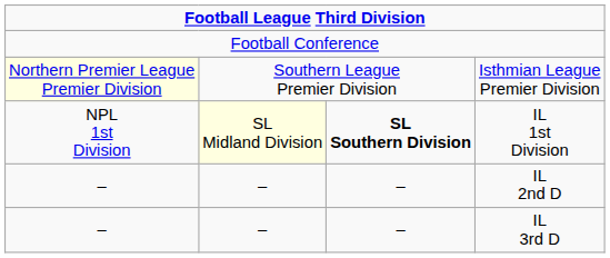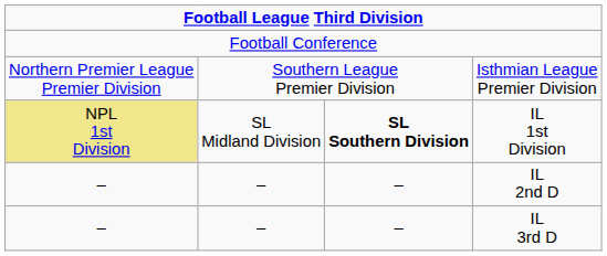 <table class="wikitable" style="text-align: center; font-size: 85%;">
 <tr>
 <td colspan="4"><strong><a href='#'>Football League</a> <a href='#'>Third Division</a></strong></td>
 </tr>
 <tr>
 <td colspan="4"><a href='#'>Football Conference</a></td>
 </tr>
 <tr>
-<td style="background: lightyellow;"><a href='#'>Northern Premier League</a><br><a href='#'>Premier Division</a></td>
+<td><a href='#'>Northern Premier League</a><br><a href='#'>Premier Division</a></td>
 <td colspan="2"><a href='#'>Southern League</a><br>Premier Division</td>
 <td><a href='#'>Isthmian League</a><br>Premier Division</td>
 </tr>
 <tr>
-<td>NPL<br><a href='#'>1st <br>Division</a></td>
-<td style="background: lightyellow;">SL<br>Midland Division</td>
+<td style="background: khaki;">NPL<br><a href='#'>1st <br>Division</a></td>
+<td>SL<br>Midland Division</td>
 <td><strong>SL<br>Southern Division</strong></td>
 <td>IL<br>1st<br>Division</td>
 </tr>
 <tr>
 <td>–</td>
 <td>–</td>
 <td>–</td>
 <td>IL<br>2nd D</td>
 </tr>
 <tr>
 <td>–</td>
 <td>–</td>
 <td>–</td>
 <td>IL<br>3rd D</td>
 </tr>
 </table>
